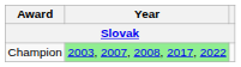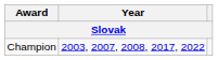 <table class="wikitable">
 <tr>
 <th>Award</th>
 <th>Year</th>
 <th></th>
 </tr>
 <tr>
 <th colspan="3"><a href='#'>Slovak</a></th>
 </tr>
 <tr>
 <td>Champion</td>
-<td style="background: lightgreen;"><a href='#'>2003</a>, <a href='#'>2007</a>, <a href='#'>2008</a>, <a href='#'>2017</a>, <a href='#'>2022</a></td>
+<td><a href='#'>2003</a>, <a href='#'>2007</a>, <a href='#'>2008</a>, <a href='#'>2017</a>, <a href='#'>2022</a></td>
 <td></td>
 </tr>
 </table>
